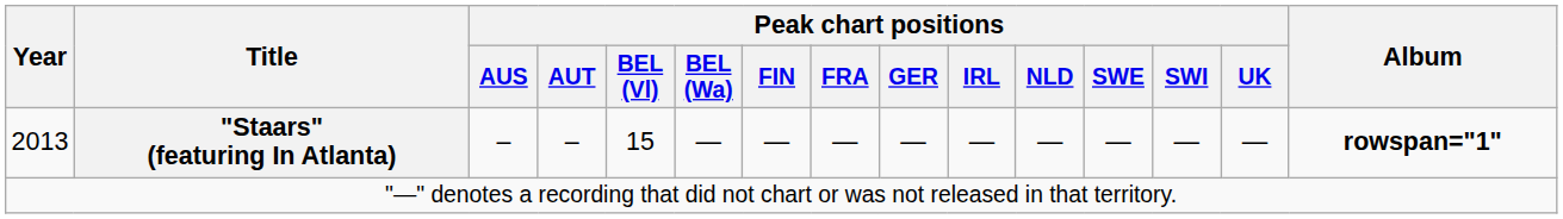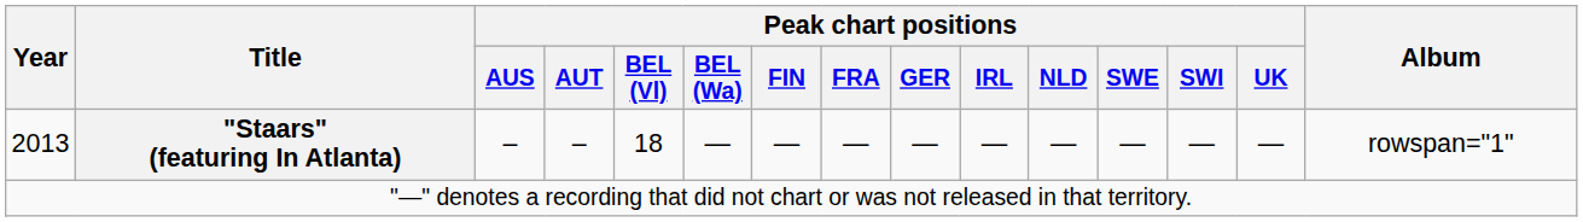 <table class="wikitable plainrowheaders" style="text-align:center;">
 <tr>
 <th scope="col" rowspan="2" style="width:1em;">Year</th>
 <th scope="col" rowspan="2" style="width:15em;">Title</th>
 <th scope="col" colspan="12">Peak chart positions</th>
 <th scope="col" rowspan="2" style="width:10em;">Album</th>
 </tr>
 <tr>
 <th scope="col" style="width:2.5em;font-size:90%;"><a href='#'>AUS</a><br></th>
 <th scope="col" style="width:2.5em;font-size:90%;"><a href='#'>AUT</a><br></th>
 <th scope="col" style="width:2.5em;font-size:90%;"><a href='#'>BEL (Vl)</a><br></th>
 <th scope="col" style="width:2.5em;font-size:90%;"><a href='#'>BEL (Wa)</a><br></th>
 <th scope="col" style="width:2.5em;font-size:90%;"><a href='#'>FIN</a><br></th>
 <th scope="col" style="width:2.5em;font-size:90%;"><a href='#'>FRA</a><br></th>
 <th scope="col" style="width:2.5em;font-size:90%;"><a href='#'>GER</a><br></th>
 <th scope="col" style="width:2.5em;font-size:90%;"><a href='#'>IRL</a><br></th>
 <th scope="col" style="width:2.5em;font-size:90%;"><a href='#'>NLD</a><br></th>
 <th scope="col" style="width:2.5em;font-size:90%;"><a href='#'>SWE</a><br></th>
 <th scope="col" style="width:2.5em;font-size:90%;"><a href='#'>SWI</a><br></th>
 <th scope="col" style="width:2.5em;font-size:90%;"><a href='#'>UK</a><br></th>
 </tr>
 <tr>
 <td rowspan="1">2013</td>
 <th scope="row">"Staars" <br><span>(featuring In Atlanta)</span></th>
 <td>–</td>
 <td>–</td>
-<td>15</td>
+<td>18</td>
 <td>—</td>
 <td>—</td>
 <td>—</td>
 <td>—</td>
 <td>—</td>
 <td>—</td>
 <td>—</td>
 <td>—</td>
 <td>—</td>
-<td><strong>rowspan="1" </strong></td>
+<td>rowspan="1" </td>
 </tr>
 <tr>
 <td colspan="16" style="font-size:90%">"—" denotes a recording that did not chart or was not released in that territory.</td>
 </tr>
 </table>
